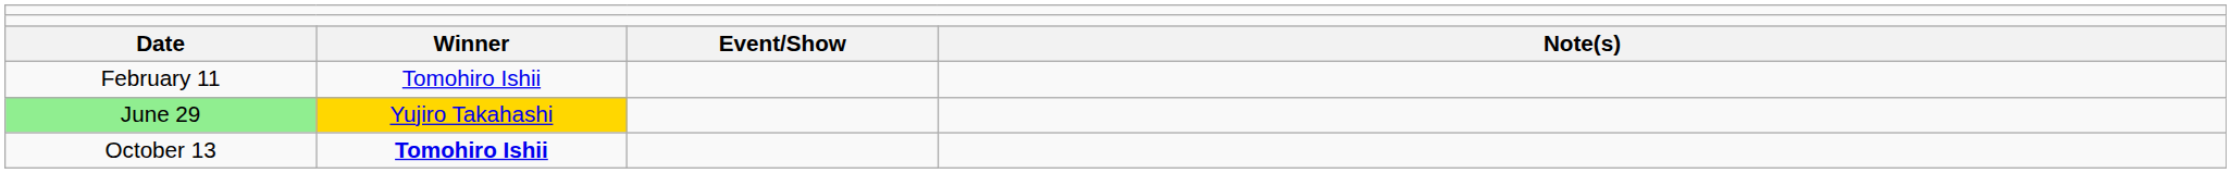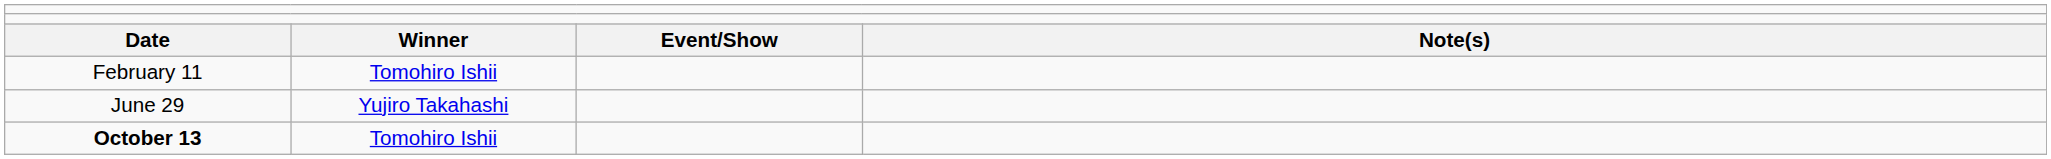 <table class="wikitable" style="text-align:center; width:100%;">
 <tr>
 <td colspan="5"></td>
 </tr>
 <tr>
 <td colspan="5"><strong></strong></td>
 </tr>
 <tr>
 <th width=14%>Date</th>
 <th width=14%>Winner</th>
 <th width=14%>Event/Show</th>
 <th width=58%>Note(s)</th>
 </tr>
 <tr>
 <td>February 11</td>
 <td><a href='#'>Tomohiro Ishii</a></td>
 <td></td>
 <td align=left></td>
 </tr>
 <tr>
-<td style="background: lightgreen;">June 29</td>
-<td style="background: gold;"><a href='#'>Yujiro Takahashi</a></td>
+<td>June 29</td>
+<td><a href='#'>Yujiro Takahashi</a></td>
 <td></td>
 <td align=left></td>
 </tr>
 <tr>
-<td>October 13</td>
-<td><strong><a href='#'>Tomohiro Ishii</a></strong></td>
+<td><strong>October 13</strong></td>
+<td><a href='#'>Tomohiro Ishii</a></td>
 <td></td>
 <td align=left></td>
 </tr>
 </table>
